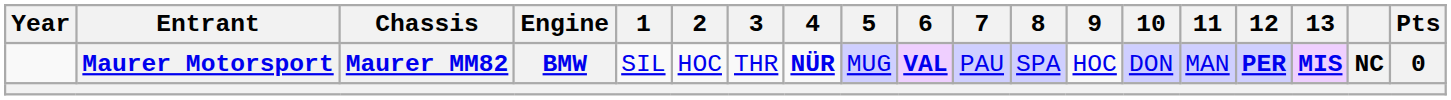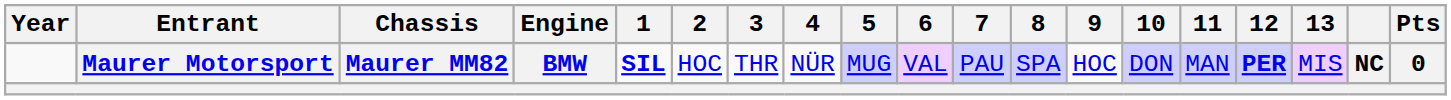 <table class="wikitable" style="text-align:center; font-size:85%">
 <tr>
 <th>Year</th>
 <th>Entrant</th>
 <th>Chassis</th>
 <th>Engine</th>
 <th>1</th>
 <th>2</th>
 <th>3</th>
 <th>4</th>
 <th>5</th>
 <th>6</th>
 <th>7</th>
 <th>8</th>
 <th>9</th>
 <th>10</th>
 <th>11</th>
 <th>12</th>
 <th>13</th>
 <th></th>
 <th>Pts</th>
 </tr>
 <tr>
 <td></td>
 <th><a href='#'>Maurer Motorsport</a></th>
 <th><a href='#'>Maurer MM82</a></th>
 <th><a href='#'>BMW</a></th>
-<td><a href='#'>SIL</a></td>
+<td><strong><a href='#'>SIL</a></strong></td>
 <td><a href='#'>HOC</a></td>
 <td><a href='#'>THR</a></td>
-<td><strong><a href='#'>NÜR</a></strong></td>
+<td><a href='#'>NÜR</a></td>
 <td style="background:#CFCFFF;"><a href='#'>MUG</a><br></td>
-<td style="background:#EFCFFF;"><strong><a href='#'>VAL</a><br></strong></td>
+<td style="background:#EFCFFF;"><a href='#'>VAL</a><br></td>
 <td style="background:#CFCFFF;"><a href='#'>PAU</a><br></td>
 <td style="background:#CFCFFF;"><a href='#'>SPA</a><br></td>
 <td><a href='#'>HOC</a></td>
 <td style="background:#CFCFFF;"><a href='#'>DON</a><br></td>
 <td style="background:#CFCFFF;"><a href='#'>MAN</a><br></td>
 <td style="background:#CFCFFF;"><strong><a href='#'>PER</a><br></strong></td>
-<td style="background:#EFCFFF;"><strong><a href='#'>MIS</a><br></strong></td>
+<td style="background:#EFCFFF;"><a href='#'>MIS</a><br></td>
 <th>NC</th>
 <th>0</th>
 </tr>
 <tr>
 <th colspan="19"></th>
 </tr>
 </table>
